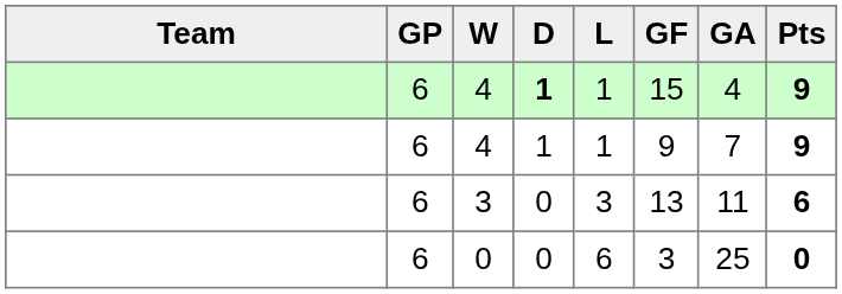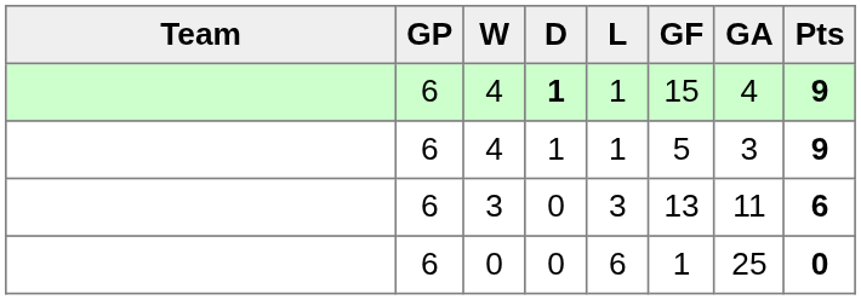 <table style=border-collapse:collapse border=1 cellspacing=0 cellpadding=5>
 <tr align=center bgcolor=#efefef>
 <th width=185>Team</th>
 <th width=20>GP</th>
 <th width=20>W</th>
 <th width=20>D</th>
 <th width=20>L</th>
 <th width=20>GF</th>
 <th width=20>GA</th>
 <th width=20>Pts</th>
 </tr>
 <tr bgcolor=#ccffcc align=center>
 <td style="text-align:left;"></td>
 <td>6</td>
 <td>4</td>
 <td><strong>1</strong></td>
 <td>1</td>
 <td>15</td>
 <td>4</td>
 <td><strong>9</strong></td>
 </tr>
 <tr align=center>
 <td style="text-align:left;"></td>
 <td>6</td>
 <td>4</td>
 <td>1</td>
 <td>1</td>
-<td>9</td>
-<td>7</td>
+<td>5</td>
+<td>3</td>
 <td><strong>9</strong></td>
 </tr>
 <tr align=center>
 <td style="text-align:left;"></td>
 <td>6</td>
 <td>3</td>
 <td>0</td>
 <td>3</td>
 <td>13</td>
 <td>11</td>
 <td><strong>6</strong></td>
 </tr>
 <tr align=center>
 <td style="text-align:left;"></td>
 <td>6</td>
 <td>0</td>
 <td>0</td>
 <td>6</td>
-<td>3</td>
+<td>1</td>
 <td>25</td>
 <td><strong>0</strong></td>
 </tr>
 </table>
